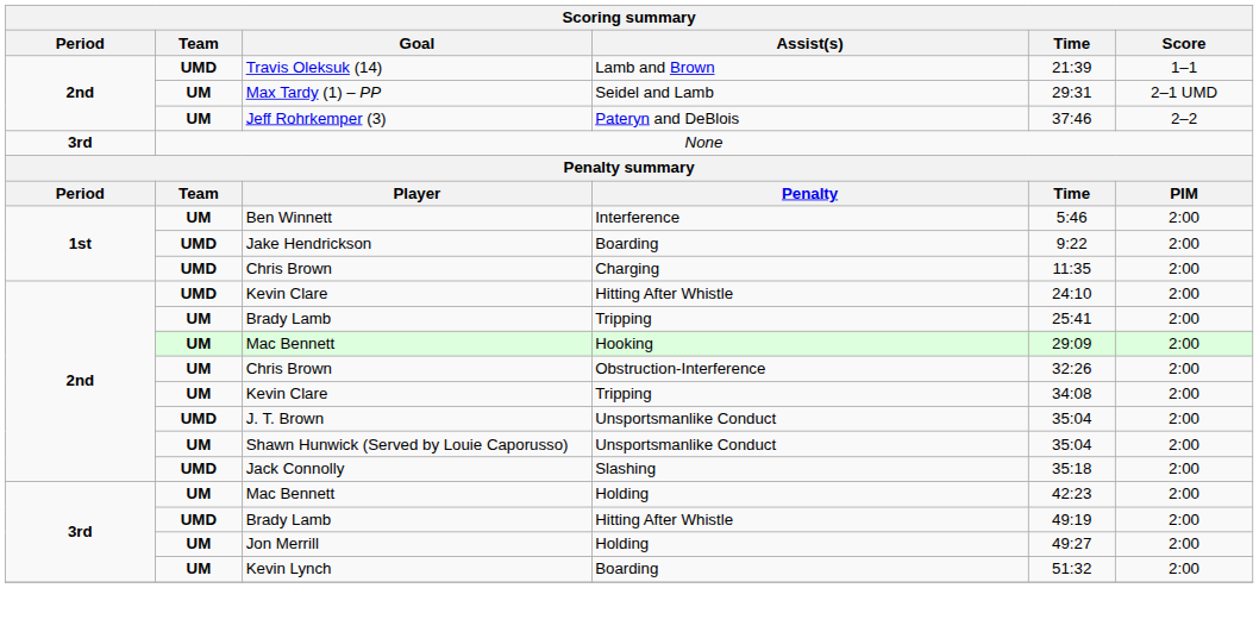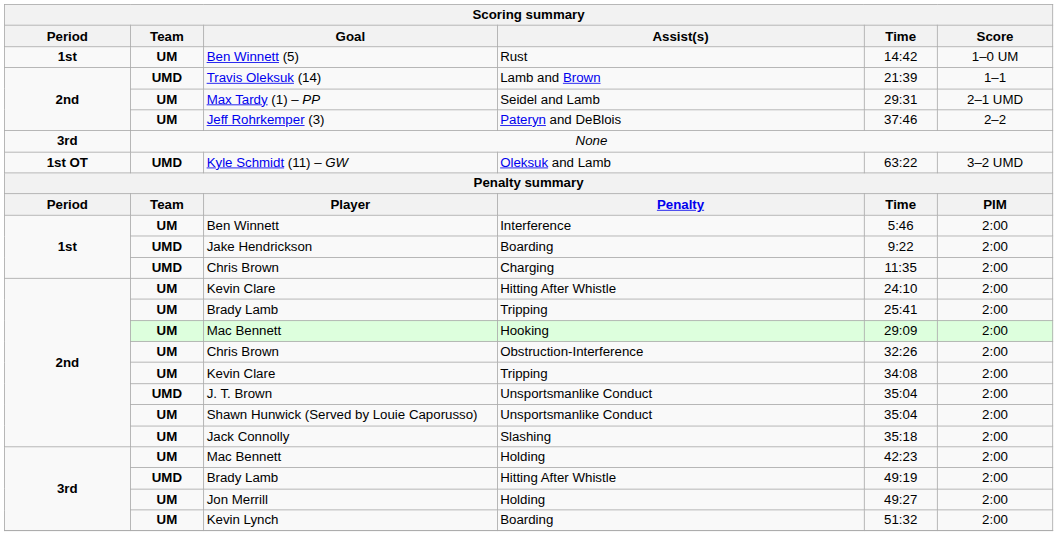 <table style="width:100%;" class="wikitable">
 <tr>
 <th colspan=6>Scoring summary</th>
 </tr>
 <tr>
 <th style="width:12%;">Period</th>
 <th style="width:7%;">Team</th>
 <th style="width:28%;">Goal</th>
 <th style="width:35%;">Assist(s)</th>
 <th style="width:7%;">Time</th>
 <th style="width:11%;">Score</th>
+</tr>
+<tr>
+<td style="text-align:center;" rowspan="1"><strong>1st</strong></td>
+<td align=center><strong>UM</strong></td>
+<td><a href='#'>Ben Winnett</a> (5)</td>
+<td>Rust</td>
+<td align=center>14:42</td>
+<td align=center>1–0 UM</td>
 </tr>
 <tr>
 <td style="text-align:center;" rowspan="3"><strong>2nd</strong></td>
 <td align=center><strong>UMD</strong></td>
 <td><a href='#'>Travis Oleksuk</a> (14)</td>
 <td>Lamb and <a href='#'>Brown</a></td>
 <td align=center>21:39</td>
 <td align=center>1–1</td>
 </tr>
 <tr>
 <td align=center><strong>UM</strong></td>
 <td><a href='#'>Max Tardy</a> (1) – <em>PP</em></td>
 <td>Seidel and Lamb</td>
 <td align=center>29:31</td>
 <td align=center>2–1 UMD</td>
 </tr>
 <tr>
 <td align=center><strong>UM</strong></td>
 <td><a href='#'>Jeff Rohrkemper</a> (3)</td>
 <td><a href='#'>Pateryn</a> and DeBlois</td>
 <td align=center>37:46</td>
 <td align=center>2–2</td>
 </tr>
 <tr>
 <td align=center><strong>3rd</strong></td>
 <td style="text-align:center;" colspan="5"><em>None</em></td>
+</tr>
+<tr>
+<td style="text-align:center;" rowspan="1"><strong>1st OT</strong></td>
+<td align=center><strong>UMD</strong></td>
+<td><a href='#'>Kyle Schmidt</a> (11) – <em>GW</em></td>
+<td><a href='#'>Oleksuk</a> and Lamb</td>
+<td align=center>63:22</td>
+<td align=center>3–2 UMD</td>
 </tr>
 <tr>
 <th colspan=6>Penalty summary</th>
 </tr>
 <tr>
 <th style="width:12%;">Period</th>
 <th style="width:7%;">Team</th>
 <th style="width:28%;">Player</th>
 <th style="width:35%;"><a href='#'>Penalty</a></th>
 <th style="width:7%;">Time</th>
 <th style="width:11%;">PIM</th>
 </tr>
 <tr>
 <td style="text-align:center;" rowspan="3"><strong>1st</strong></td>
 <td align=center><strong>UM</strong></td>
 <td>Ben Winnett</td>
 <td>Interference</td>
 <td align=center>5:46</td>
 <td align=center>2:00</td>
 </tr>
 <tr>
 <td align=center><strong>UMD</strong></td>
 <td>Jake Hendrickson</td>
 <td>Boarding</td>
 <td align=center>9:22</td>
 <td align=center>2:00</td>
 </tr>
 <tr>
 <td align=center><strong>UMD</strong></td>
 <td>Chris Brown</td>
 <td>Charging</td>
 <td align=center>11:35</td>
 <td align=center>2:00</td>
 </tr>
 <tr>
 <td style="text-align:center;" rowspan="8"><strong>2nd</strong></td>
-<td align=center><strong>UMD</strong></td>
+<td align=center><strong>UM</strong></td>
 <td>Kevin Clare</td>
 <td>Hitting After Whistle</td>
 <td align=center>24:10</td>
 <td align=center>2:00</td>
 </tr>
 <tr>
 <td align=center><strong>UM</strong></td>
 <td>Brady Lamb</td>
 <td>Tripping</td>
 <td align=center>25:41</td>
 <td align=center>2:00</td>
 </tr>
 <tr bgcolor=ddffdd>
 <td align=center><strong>UM</strong></td>
 <td>Mac Bennett</td>
 <td>Hooking</td>
 <td align=center>29:09</td>
 <td align=center>2:00</td>
 </tr>
 <tr>
 <td align=center><strong>UM</strong></td>
 <td>Chris Brown</td>
 <td>Obstruction-Interference</td>
 <td align=center>32:26</td>
 <td align=center>2:00</td>
 </tr>
 <tr>
 <td align=center><strong>UM</strong></td>
 <td>Kevin Clare</td>
 <td>Tripping</td>
 <td align=center>34:08</td>
 <td align=center>2:00</td>
 </tr>
 <tr>
 <td align=center><strong>UMD</strong></td>
 <td>J. T. Brown</td>
 <td>Unsportsmanlike Conduct</td>
 <td align=center>35:04</td>
 <td align=center>2:00</td>
 </tr>
 <tr>
 <td align=center><strong>UM</strong></td>
 <td>Shawn Hunwick (Served by Louie Caporusso)</td>
 <td>Unsportsmanlike Conduct</td>
 <td align=center>35:04</td>
 <td align=center>2:00</td>
 </tr>
 <tr>
-<td align=center><strong>UMD</strong></td>
+<td align=center><strong>UM</strong></td>
 <td>Jack Connolly</td>
 <td>Slashing</td>
 <td align=center>35:18</td>
 <td align=center>2:00</td>
 </tr>
 <tr>
 <td style="text-align:center;" rowspan="4"><strong>3rd</strong></td>
 <td align=center><strong>UM</strong></td>
 <td>Mac Bennett</td>
 <td>Holding</td>
 <td align=center>42:23</td>
 <td align=center>2:00</td>
 </tr>
 <tr>
 <td align=center><strong>UMD</strong></td>
 <td>Brady Lamb</td>
 <td>Hitting After Whistle</td>
 <td align=center>49:19</td>
 <td align=center>2:00</td>
 </tr>
 <tr>
 <td align=center><strong>UM</strong></td>
 <td>Jon Merrill</td>
 <td>Holding</td>
 <td align=center>49:27</td>
 <td align=center>2:00</td>
 </tr>
 <tr>
 <td align=center><strong>UM</strong></td>
 <td>Kevin Lynch</td>
 <td>Boarding</td>
 <td align=center>51:32</td>
 <td align=center>2:00</td>
 </tr>
 <tr>
 </tr>
 </table>
